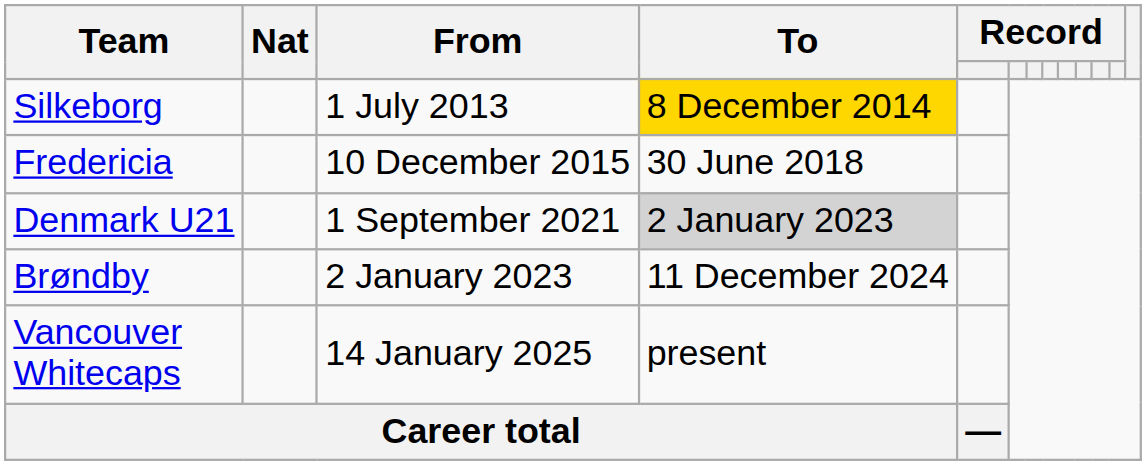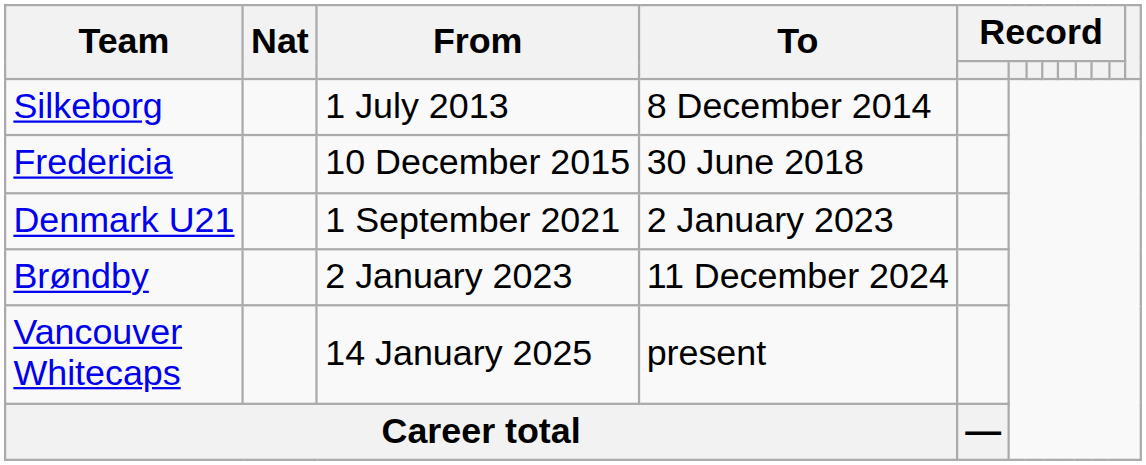 <table class="wikitable" style="text-align: center">
 <tr>
 <th rowspan="2">Team</th>
 <th rowspan="2">Nat</th>
 <th rowspan="2">From</th>
 <th rowspan="2">To</th>
 <th colspan="8">Record</th>
 <th rowspan=2></th>
 </tr>
 <tr>
 <th></th>
 <th></th>
 <th></th>
 <th></th>
 <th></th>
 <th></th>
 <th></th>
 <th></th>
 </tr>
 <tr>
 <td align="left"><a href='#'>Silkeborg</a></td>
 <td></td>
 <td align=left>1 July 2013</td>
-<td align=left style="background: gold;">8 December 2014<br></td>
+<td align=left>8 December 2014<br></td>
 <td></td>
 </tr>
 <tr>
 <td align="left"><a href='#'>Fredericia</a></td>
 <td></td>
 <td align=left>10 December 2015</td>
 <td align=left>30 June 2018<br></td>
 <td></td>
 </tr>
 <tr>
 <td align="left"><a href='#'>Denmark U21</a></td>
 <td></td>
 <td align=left>1 September 2021</td>
-<td align=left style="background: lightgrey;">2 January 2023<br></td>
+<td align=left>2 January 2023<br></td>
 <td></td>
 </tr>
 <tr>
 <td align="left"><a href='#'>Brøndby</a></td>
 <td></td>
 <td align=left>2 January 2023</td>
 <td align=left>11 December 2024<br></td>
 <td></td>
 </tr>
 <tr>
 <td align="left"><a href='#'>Vancouver<br>Whitecaps</a></td>
 <td></td>
 <td align=left>14 January 2025</td>
 <td align=left>present<br></td>
 <td></td>
 </tr>
 <tr>
 <th colspan=4><strong>Career total</strong><br></th>
 <th>—</th>
 </tr>
 </table>
